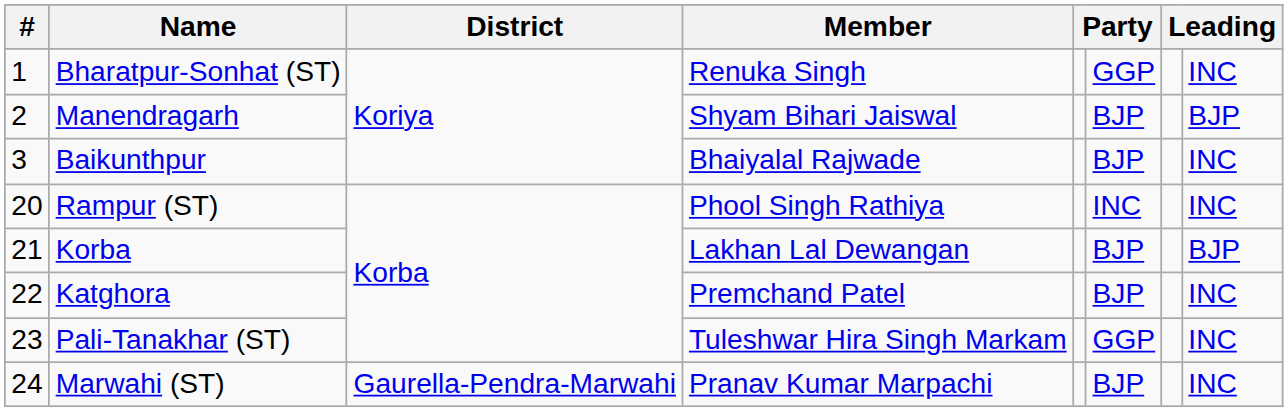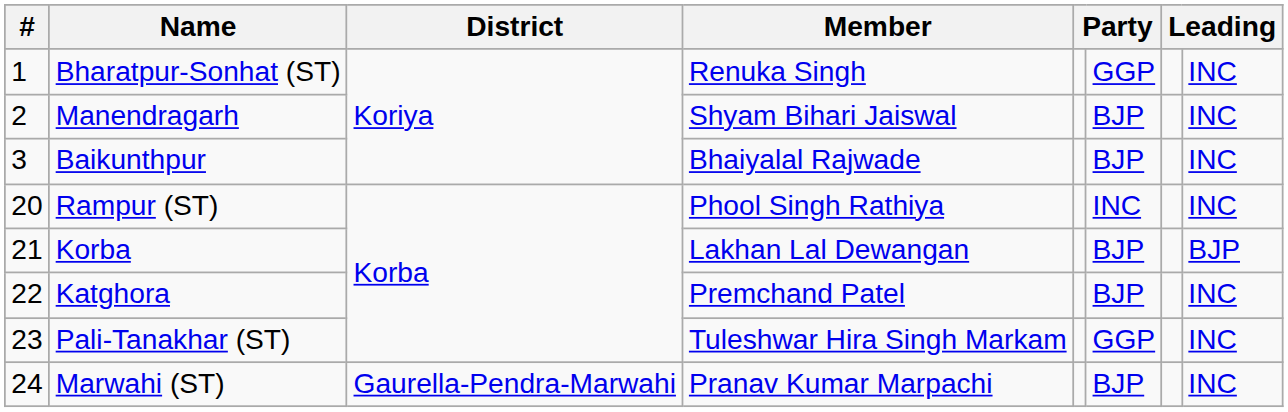 <table class="wikitable">
 <tr>
 <th>#</th>
 <th>Name</th>
 <th>District</th>
 <th>Member</th>
 <th colspan="2">Party</th>
 <th colspan="2">Leading<br></th>
 </tr>
 <tr>
 <td>1</td>
 <td><a href='#'>Bharatpur-Sonhat</a> (ST)</td>
 <td rowspan="3"><a href='#'>Koriya</a></td>
 <td><a href='#'>Renuka Singh</a></td>
 <td style="background-color: "></td>
 <td><a href='#'>GGP</a></td>
 <td style="background-color: "></td>
 <td><a href='#'>INC</a></td>
 </tr>
 <tr>
 <td>2</td>
 <td><a href='#'>Manendragarh</a></td>
 <td><a href='#'>Shyam Bihari Jaiswal</a></td>
 <td style="background-color: "></td>
 <td><a href='#'>BJP</a></td>
 <td style="background-color: "></td>
-<td><a href='#'>BJP</a></td>
+<td><a href='#'>INC</a></td>
 </tr>
 <tr>
 <td>3</td>
 <td><a href='#'>Baikunthpur</a></td>
 <td><a href='#'>Bhaiyalal Rajwade</a></td>
 <td style="background-color: "></td>
 <td><a href='#'>BJP</a></td>
 <td style="background-color: "></td>
 <td><a href='#'>INC</a></td>
 </tr>
 <tr>
 <td>20</td>
 <td><a href='#'>Rampur</a> (ST)</td>
 <td rowspan="4"><a href='#'>Korba</a></td>
 <td><a href='#'>Phool Singh Rathiya</a></td>
 <td style="background-color: "></td>
 <td><a href='#'>INC</a></td>
 <td style="background-color: "></td>
 <td><a href='#'>INC</a></td>
 </tr>
 <tr>
 <td>21</td>
 <td><a href='#'>Korba</a></td>
 <td><a href='#'>Lakhan Lal Dewangan</a></td>
 <td style="background-color: "></td>
 <td><a href='#'>BJP</a></td>
 <td style="background-color: "></td>
 <td><a href='#'>BJP</a></td>
 </tr>
 <tr>
 <td>22</td>
 <td><a href='#'>Katghora</a></td>
 <td><a href='#'>Premchand Patel</a></td>
 <td style="background-color: "></td>
 <td><a href='#'>BJP</a></td>
 <td style="background-color: "></td>
 <td><a href='#'>INC</a></td>
 </tr>
 <tr>
 <td>23</td>
 <td><a href='#'>Pali-Tanakhar</a> (ST)</td>
 <td><a href='#'>Tuleshwar Hira Singh Markam</a></td>
 <td style="background-color: "></td>
 <td><a href='#'>GGP</a></td>
 <td style="background-color: "></td>
 <td><a href='#'>INC</a></td>
 </tr>
 <tr>
 <td>24</td>
 <td><a href='#'>Marwahi</a> (ST)</td>
 <td><a href='#'>Gaurella-Pendra-Marwahi</a></td>
 <td><a href='#'>Pranav Kumar Marpachi</a></td>
 <td style="background-color: "></td>
 <td><a href='#'>BJP</a></td>
 <td style="background-color: "></td>
 <td><a href='#'>INC</a></td>
 </tr>
 </table>
